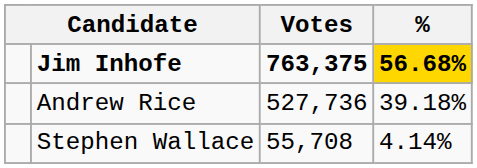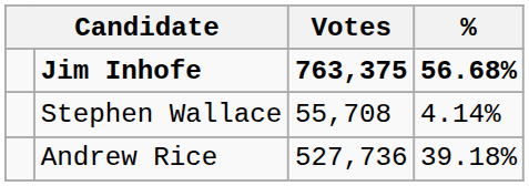 <table class="wikitable">
 <tr>
 <th colspan="2"  style="text-align:center; vertical-align:top;"><strong>Candidate</strong></th>
 <th valign="top"><strong>Votes</strong></th>
 <th valign="top"><strong>%</strong></th>
 </tr>
 <tr>
 <td style="background-color:"> </td>
 <td><strong>Jim Inhofe</strong></td>
 <td><strong>763,375</strong></td>
-<td style="background: gold;"><strong>56.68%</strong></td>
+<td><strong>56.68%</strong></td>
+</tr>
+<tr>
+<td style="background-color:"> </td>
+<td>Stephen Wallace</td>
+<td>55,708</td>
+<td>4.14%</td>
 </tr>
 <tr>
 <td style="background-color:"> </td>
 <td>Andrew Rice</td>
 <td>527,736</td>
 <td>39.18%</td>
 </tr>
-<tr>
-<td style="background-color:"> </td>
-<td>Stephen Wallace</td>
-<td>55,708</td>
-<td>4.14%</td>
-</tr>
 </table>
